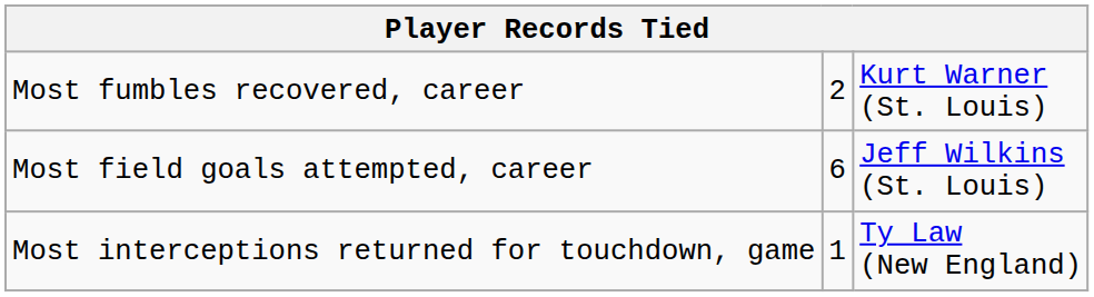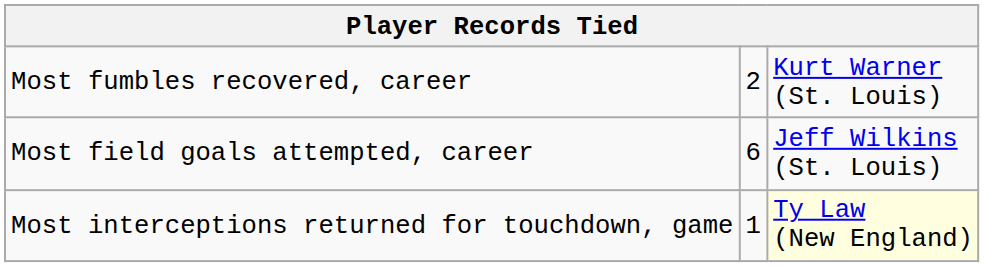 <table class="wikitable">
 <tr>
 <th colspan=3>Player Records Tied</th>
 </tr>
 <tr>
 <td>Most fumbles recovered, career</td>
 <td>2</td>
 <td><a href='#'>Kurt Warner</a><br>(St. Louis)</td>
 </tr>
 <tr>
 <td>Most field goals attempted, career</td>
 <td>6</td>
 <td><a href='#'>Jeff Wilkins</a><br>(St. Louis)</td>
 </tr>
 <tr>
 <td>Most interceptions returned for touchdown, game</td>
 <td>1</td>
-<td><a href='#'>Ty Law</a><br>(New England)</td>
+<td style="background: lightyellow;"><a href='#'>Ty Law</a><br>(New England)</td>
 </tr>
 </table>
